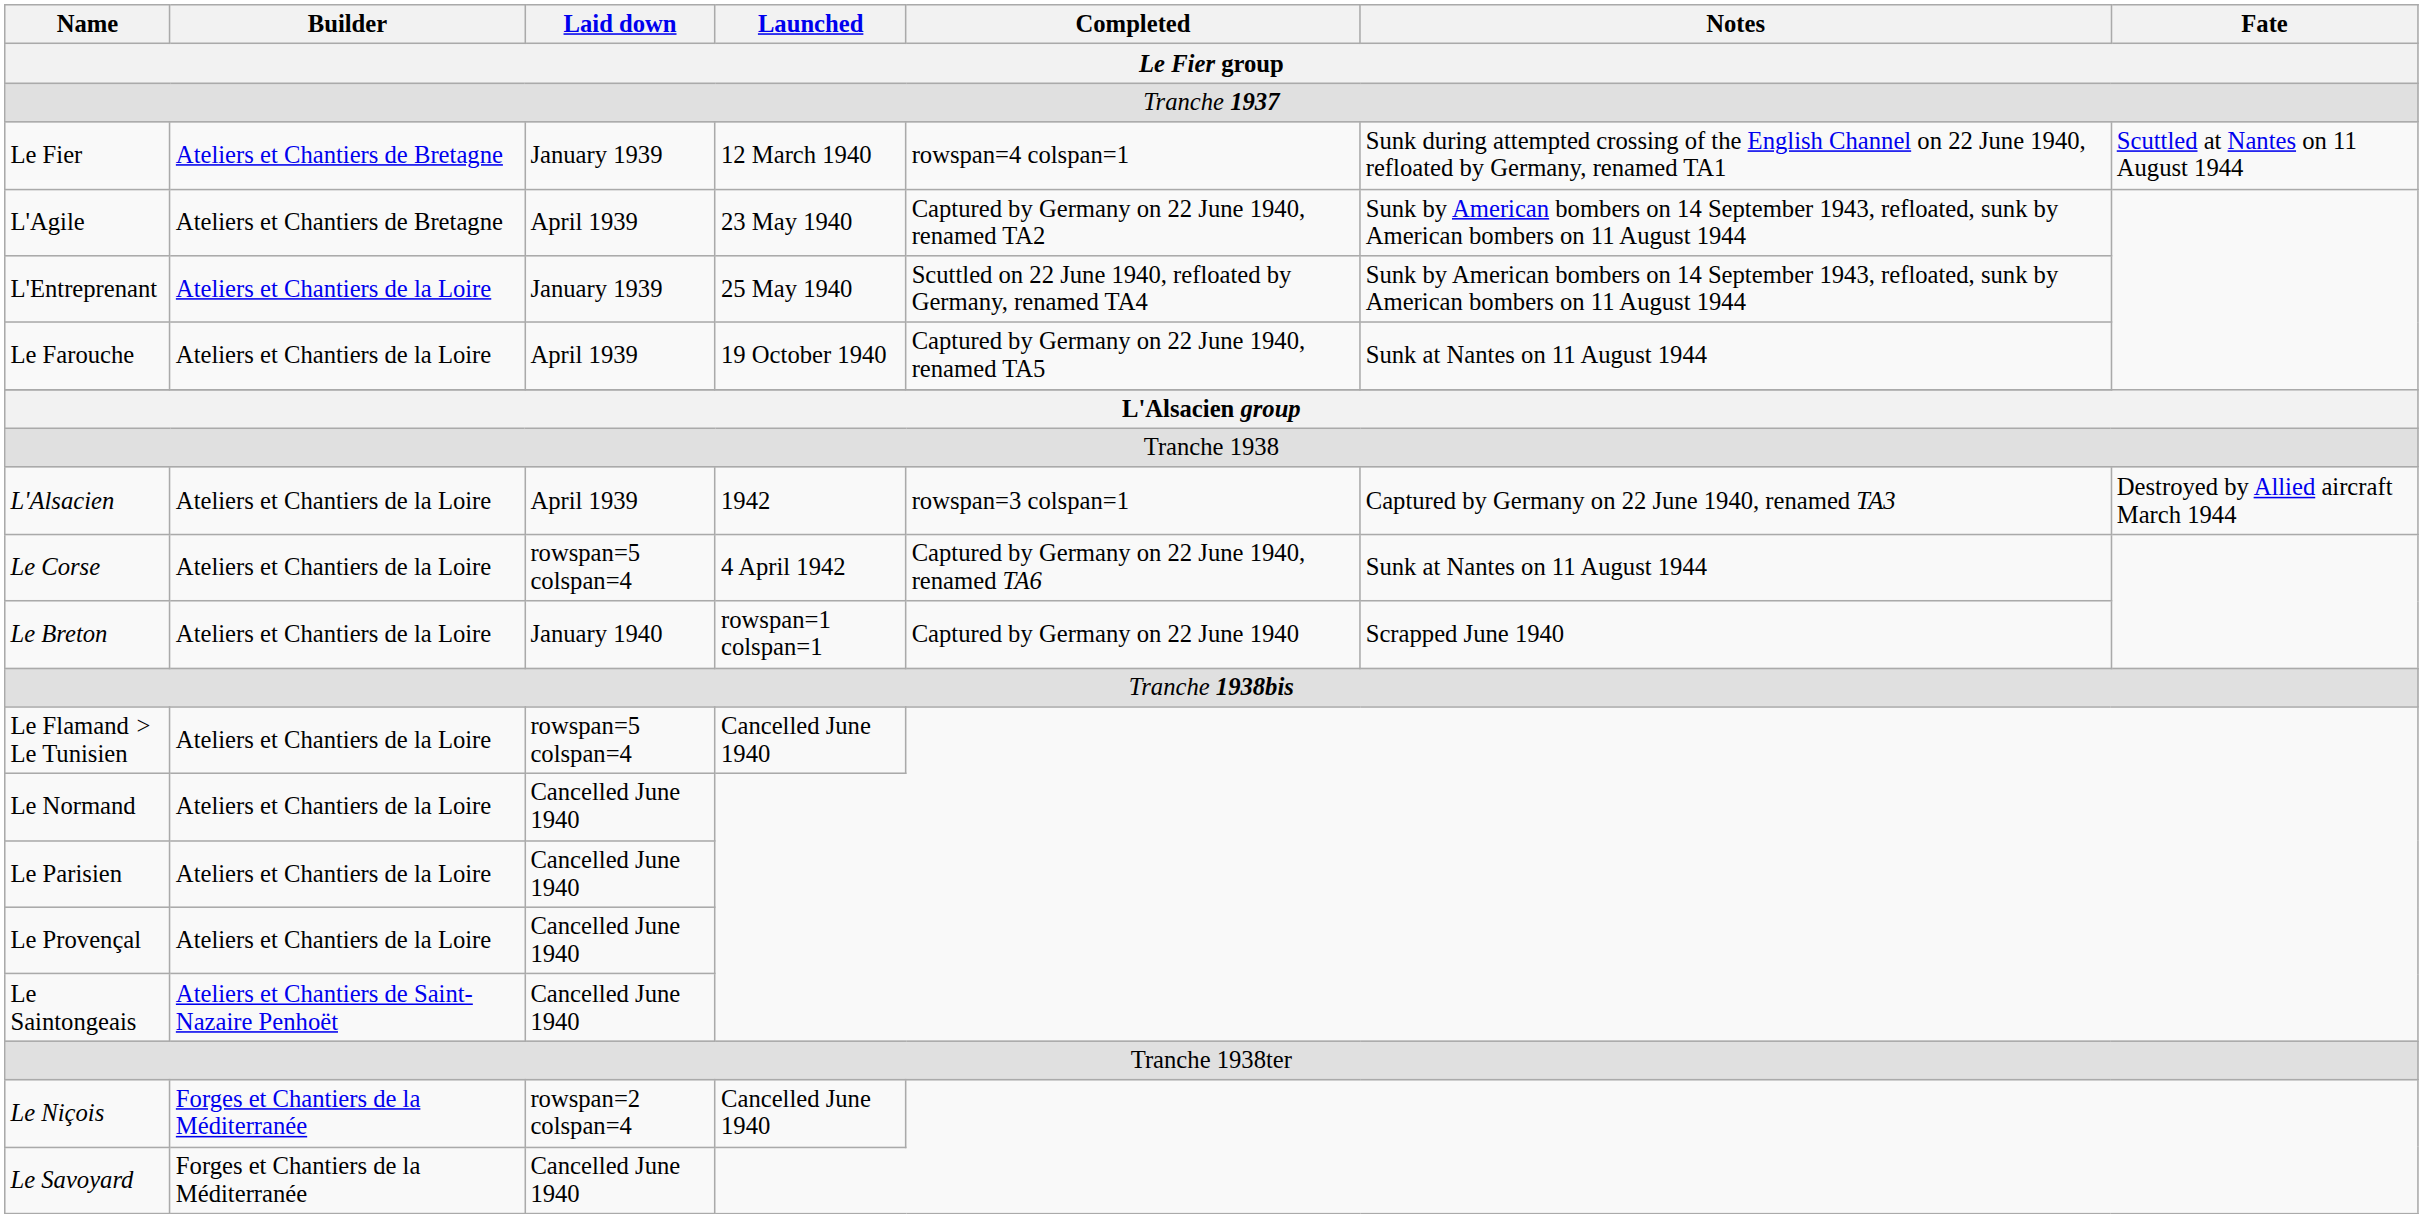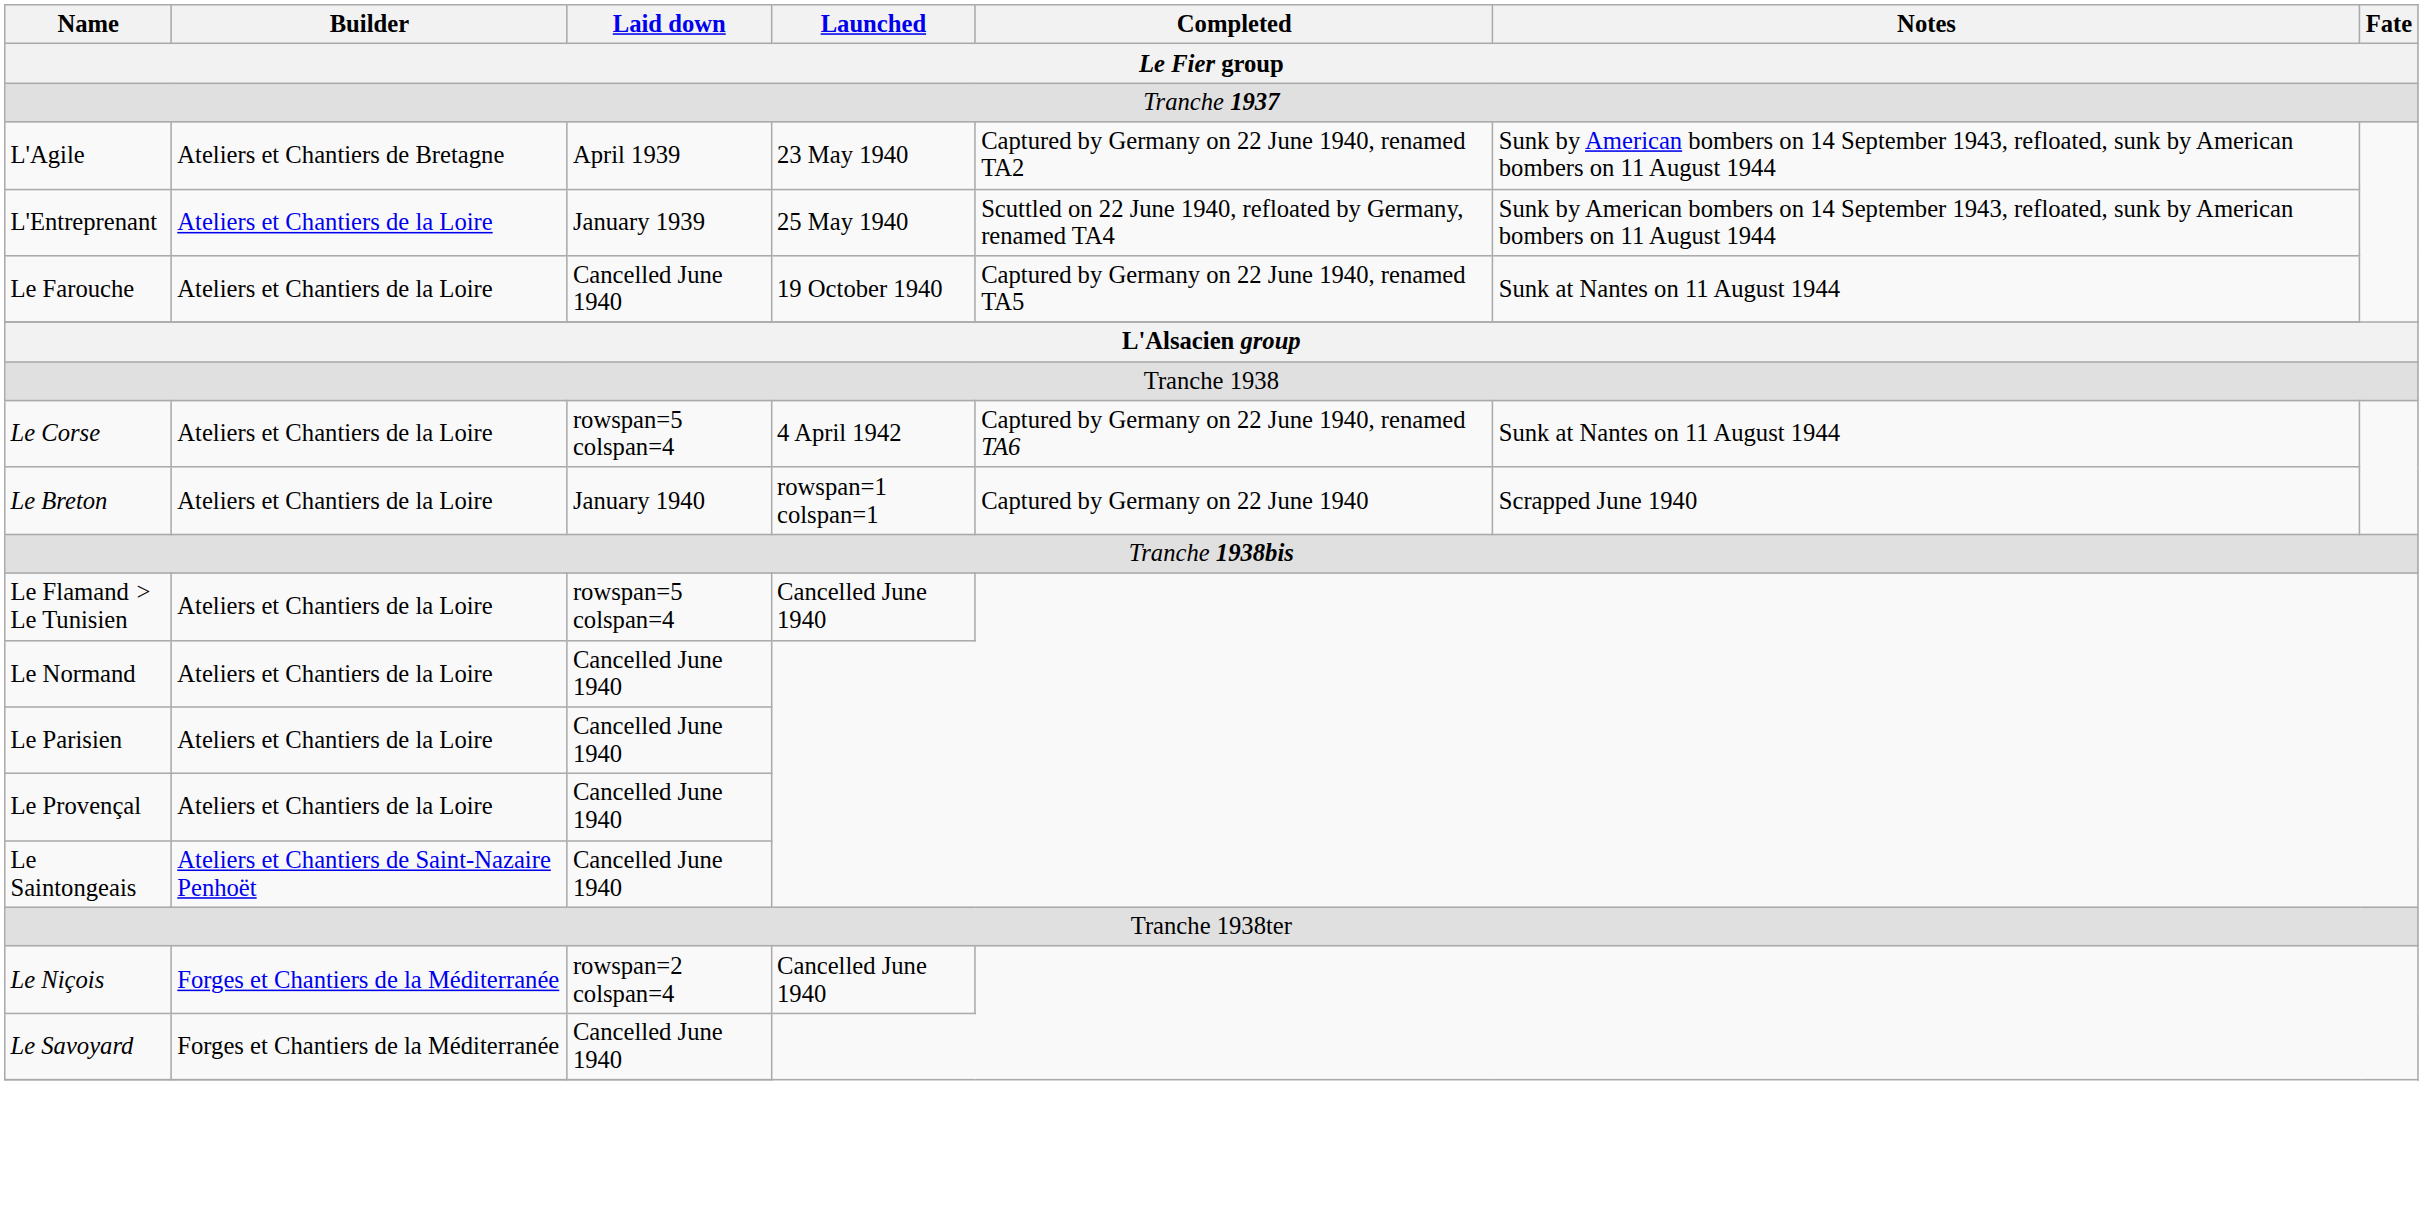 <table class="wikitable">
 <tr>
 <th>Name</th>
 <th>Builder</th>
 <th><a href='#'>Laid down</a></th>
 <th><a href='#'>Launched</a></th>
 <th>Completed</th>
 <th>Notes</th>
 <th>Fate</th>
 </tr>
 <tr>
 <th colspan=7><em>Le Fier</em> group</th>
 </tr>
 <tr>
 <td align=center style="background:#E0E0E0;" colspan=7><em>Tranche <strong>1937<strong><em></td>
-</tr>
-<tr>
-<td></em>Le Fier<em></td>
-<td><a href='#'>Ateliers et Chantiers de Bretagne</a></td>
-<td>January 1939</td>
-<td>12 March 1940</td>
-<td>rowspan=4 colspan=1 </td>
-<td>Sunk during attempted crossing of the <a href='#'>English Channel</a> on 22 June 1940, refloated by Germany, renamed </em>TA1<em></td>
-<td><a href='#'>Scuttled</a> at <a href='#'>Nantes</a> on 11 August 1944</td>
 </tr>
 <tr>
 <td></em>L'Agile<em></td>
 <td>Ateliers et Chantiers de Bretagne</td>
 <td>April 1939</td>
 <td>23 May 1940</td>
 <td>Captured by Germany on 22 June 1940, renamed </em>TA2<em></td>
 <td>Sunk by <a href='#'>American</a> bombers on 14 September 1943, refloated, sunk by American bombers on 11 August 1944</td>
 </tr>
 <tr>
 <td></em>L'Entreprenant<em></td>
 <td><a href='#'>Ateliers et Chantiers de la Loire</a></td>
 <td>January 1939</td>
 <td>25 May 1940</td>
 <td>Scuttled on 22 June 1940, refloated by Germany, renamed </em>TA4<em></td>
 <td>Sunk by American bombers on 14 September 1943, refloated, sunk by American bombers on 11 August 1944</td>
 </tr>
 <tr>
 <td></em>Le Farouche<em></td>
 <td>Ateliers et Chantiers de la Loire</td>
-<td>April 1939</td>
+<td>Cancelled June 1940</td>
 <td>19 October 1940</td>
 <td>Captured by Germany on 22 June 1940, renamed </em>TA5<em></td>
 <td>Sunk at Nantes on 11 August 1944</td>
 </tr>
 <tr>
 </tr>
 <tr>
 <th colspan=7></em>L'Alsacien<em> group</th>
 </tr>
 <tr>
 <td align=center style="background:#E0E0E0;" colspan=7></em>Tranche </strong>1938</em></strong></td>
-</tr>
-<tr>
-<td><em>L'Alsacien</em></td>
-<td>Ateliers et Chantiers de la Loire</td>
-<td>April 1939</td>
-<td>1942</td>
-<td>rowspan=3 colspan=1 </td>
-<td>Captured by Germany on 22 June 1940, renamed <em>TA3</em></td>
-<td>Destroyed by <a href='#'>Allied</a> aircraft March 1944</td>
 </tr>
 <tr>
 <td><em>Le Corse</em></td>
 <td>Ateliers et Chantiers de la Loire</td>
 <td>rowspan=5 colspan=4 </td>
 <td>4 April 1942</td>
 <td>Captured by Germany on 22 June 1940, renamed <em>TA6</em></td>
 <td>Sunk at Nantes on 11 August 1944</td>
 </tr>
 <tr>
 <td><em>Le Breton</em></td>
 <td>Ateliers et Chantiers de la Loire</td>
 <td>January 1940</td>
 <td>rowspan=1 colspan=1 </td>
 <td>Captured by Germany on 22 June 1940</td>
 <td>Scrapped June 1940</td>
 </tr>
 <tr>
 <td align=center style="background:#E0E0E0;" colspan=7><em>Tranche <strong>1938bis<strong><em> </td>
 </tr>
 <tr>
 <td></em>Le Flamand<em> ><br></em>Le Tunisien<em></td>
 <td>Ateliers et Chantiers de la Loire</td>
 <td>rowspan=5 colspan=4 </td>
 <td>Cancelled June 1940</td>
 </tr>
 <tr>
 <td></em>Le Normand<em></td>
 <td>Ateliers et Chantiers de la Loire</td>
 <td>Cancelled June 1940</td>
 </tr>
 <tr>
 <td></em>Le Parisien<em></td>
 <td>Ateliers et Chantiers de la Loire</td>
 <td>Cancelled June 1940</td>
 </tr>
 <tr>
 <td></em>Le Provençal<em></td>
 <td>Ateliers et Chantiers de la Loire</td>
 <td>Cancelled June 1940</td>
 </tr>
 <tr>
 <td></em>Le Saintongeais<em></td>
 <td><a href='#'>Ateliers et Chantiers de Saint-Nazaire Penhoët</a></td>
 <td>Cancelled June 1940</td>
 </tr>
 <tr>
 <td align=center style="background:#E0E0E0;" colspan=7></em>Tranche </strong>1938ter</em></strong> </td>
 </tr>
 <tr>
 <td><em>Le Niçois</em></td>
 <td><a href='#'>Forges et Chantiers de la Méditerranée</a></td>
 <td>rowspan=2 colspan=4 </td>
 <td>Cancelled June 1940</td>
 </tr>
 <tr>
 <td><em>Le Savoyard</em></td>
 <td>Forges et Chantiers de la Méditerranée</td>
 <td>Cancelled June 1940</td>
 </tr>
 <tr>
 </tr>
 </table>
